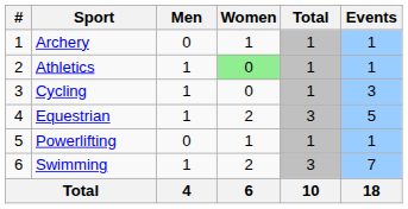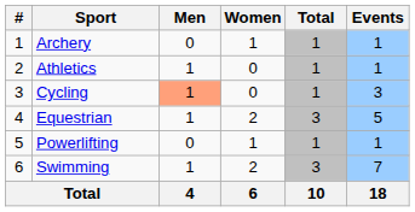 <table class="wikitable sortable" style="text-align:center;">
 <tr>
 <th width=20>#</th>
 <th width=120>Sport</th>
 <th width=55>Men</th>
 <th width=55>Women</th>
 <th width=55>Total</th>
 <th width=55>Events</th>
 </tr>
 <tr>
 <td align=center>1</td>
 <td align=left><a href='#'>Archery</a></td>
 <td>0</td>
 <td>1</td>
 <td bgcolor=silver>1</td>
 <td bgcolor=#9acdff>1</td>
 </tr>
 <tr>
 <td align=center>2</td>
 <td align=left><a href='#'>Athletics</a></td>
 <td>1</td>
-<td style="background: lightgreen;">0</td>
+<td>0</td>
 <td bgcolor=silver>1</td>
 <td bgcolor=#9acdff>1</td>
 </tr>
 <tr>
 <td align=center>3</td>
 <td align=left><a href='#'>Cycling</a></td>
-<td>1</td>
+<td style="background: lightsalmon;">1</td>
 <td>0</td>
 <td bgcolor=silver>1</td>
 <td bgcolor=#9acdff>3</td>
 </tr>
 <tr>
 <td align=center>4</td>
 <td align=left><a href='#'>Equestrian</a></td>
 <td>1</td>
 <td>2</td>
 <td bgcolor=silver>3</td>
 <td bgcolor=#9acdff>5</td>
 </tr>
 <tr>
 <td align=center>5</td>
 <td align=left><a href='#'>Powerlifting</a></td>
 <td>0</td>
 <td>1</td>
 <td bgcolor=silver>1</td>
 <td bgcolor=#9acdff>1</td>
 </tr>
 <tr>
 <td align=center>6</td>
 <td align=left><a href='#'>Swimming</a></td>
 <td>1</td>
 <td>2</td>
 <td bgcolor=silver>3</td>
 <td bgcolor=#9acdff>7</td>
 </tr>
 <tr class="sortbottom">
 <th colspan=2>Total</th>
 <th>4</th>
 <th>6</th>
 <th>10</th>
 <th>18</th>
 </tr>
 </table>
